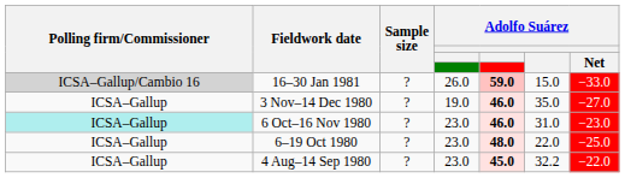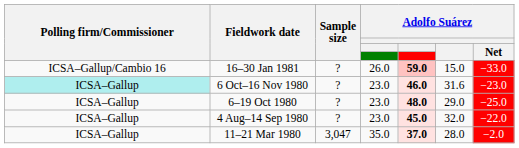 <table class="wikitable collapsible collapsed" style="text-align:center; font-size:90%; line-height:14px;">
 <tr style="height:42px;">
 <th style="width:250px;" rowspan="4">Polling firm/Commissioner</th>
 <th style="width:125px;" rowspan="4">Fieldwork date</th>
 <th style="width:50px;" rowspan="4">Sample size</th>
 <th style="width:185px;" colspan="4"><a href='#'>Adolfo Suárez</a><br></th>
 </tr>
 <tr>
 <th colspan="4" style="background:"></th>
 </tr>
 <tr>
 <th style="width:30px;"></th>
 <th style="width:30px;"></th>
 <th style="width:30px;" rowspan="2"></th>
 <th style="width:30px;" rowspan="2">Net</th>
 </tr>
 <tr>
 <th style="color:inherit;background:#008000;"></th>
 <th style="color:inherit;background:#FF0000;"></th>
 </tr>
 <tr>
-<td style="background: lightgrey;">ICSA–Gallup/Cambio 16</td>
+<td>ICSA–Gallup/Cambio 16</td>
 <td>16–30 Jan 1981</td>
 <td>?</td>
 <td>26.0</td>
 <td style="background:#FFC2C1;"><strong>59.0</strong></td>
 <td>15.0</td>
 <td style="background:#FF0000; color:white;">−33.0</td>
 </tr>
 <tr>
-<td>ICSA–Gallup</td>
-<td>3 Nov–14 Dec 1980</td>
-<td>?</td>
-<td>19.0</td>
-<td style="background:#FFE2E1;"><strong>46.0</strong></td>
-<td>35.0</td>
-<td style="background:#FF0000; color:white;">−27.0</td>
-</tr>
-<tr>
 <td style="background: paleturquoise;">ICSA–Gallup</td>
 <td>6 Oct–16 Nov 1980</td>
 <td>?</td>
 <td>23.0</td>
 <td style="background:#FFE2E1;"><strong>46.0</strong></td>
-<td>31.0</td>
+<td>31.6</td>
 <td style="background:#FF0000; color:white;">−23.0</td>
 </tr>
 <tr>
 <td>ICSA–Gallup</td>
 <td>6–19 Oct 1980</td>
 <td>?</td>
 <td>23.0</td>
 <td style="background:#FFE2E1;"><strong>48.0</strong></td>
-<td>22.0</td>
+<td>29.0</td>
 <td style="background:#FF0000; color:white;">−25.0</td>
 </tr>
 <tr>
 <td>ICSA–Gallup</td>
 <td>4 Aug–14 Sep 1980</td>
 <td>?</td>
 <td>23.0</td>
 <td style="background:#FFE2E1;"><strong>45.0</strong></td>
-<td>32.2</td>
+<td>32.0</td>
 <td style="background:#FF0000; color:white;">−22.0</td>
 </tr>
+<tr>
+<td>ICSA–Gallup</td>
+<td>11–21 Mar 1980</td>
+<td>3,047</td>
+<td>35.0</td>
+<td style="background:#FFE2E1;"><strong>37.0</strong></td>
+<td>28.0</td>
+<td style="background:#FF0000; color:white;">−2.0</td>
+</tr>
 </table>
